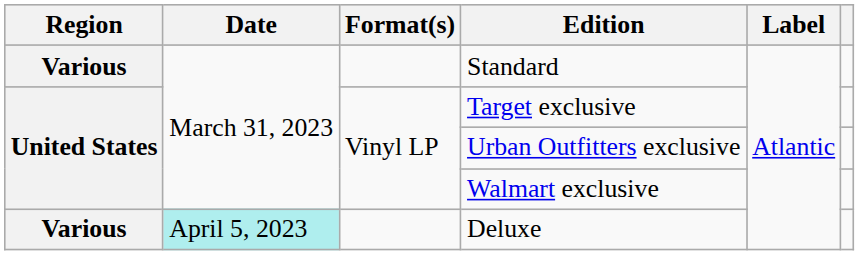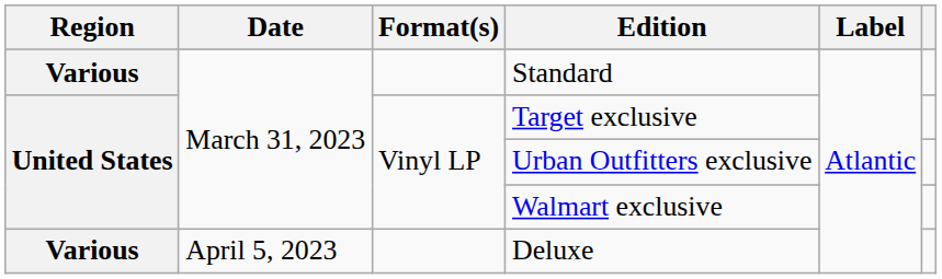 <table class="wikitable plainrowheaders">
 <tr>
 <th scope="col">Region</th>
 <th scope="col">Date</th>
 <th scope="col">Format(s)</th>
 <th scope="col">Edition</th>
 <th scope="col">Label</th>
 <th scope="col"></th>
 </tr>
 <tr>
 <th scope="row">Various</th>
 <td rowspan="4">March 31, 2023</td>
 <td></td>
 <td>Standard</td>
 <td rowspan="5"><a href='#'>Atlantic</a></td>
 <td style="text-align:center;"></td>
 </tr>
 <tr>
 <th scope="row" rowspan="3">United States</th>
 <td rowspan="3">Vinyl LP</td>
 <td><a href='#'>Target</a> exclusive</td>
 <td style="text-align:center;"></td>
 </tr>
 <tr>
 <td><a href='#'>Urban Outfitters</a> exclusive</td>
 <td style="text-align:center;"></td>
 </tr>
 <tr>
 <td><a href='#'>Walmart</a> exclusive</td>
 <td style="text-align:center;"></td>
 </tr>
 <tr>
 <th scope="row">Various</th>
-<td style="background: paleturquoise;">April 5, 2023</td>
+<td>April 5, 2023</td>
 <td></td>
 <td>Deluxe</td>
 <td style="text-align:center;"></td>
 </tr>
 </table>
